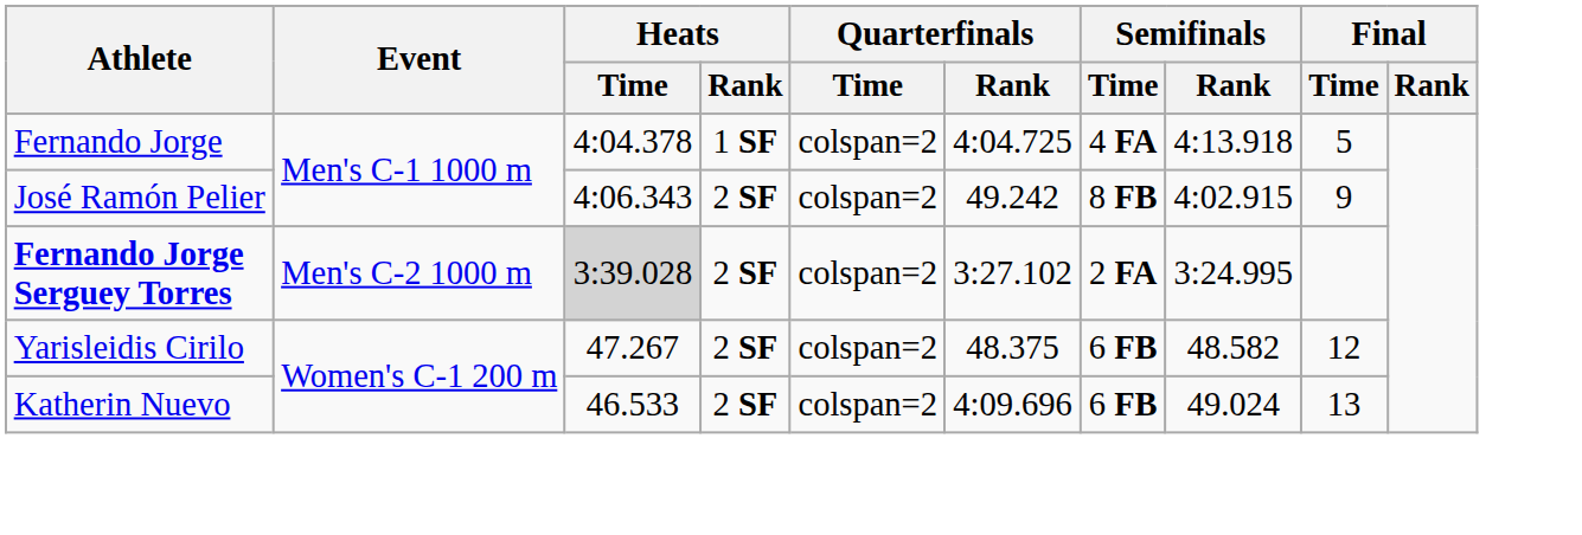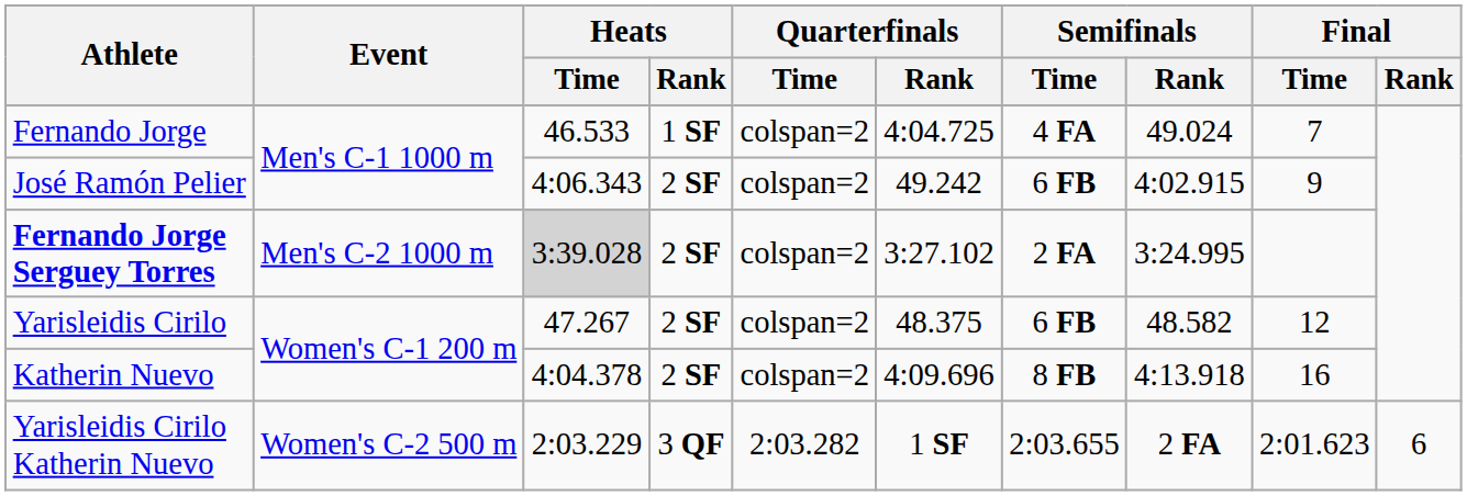 <table class=wikitable style="font-size:90%">
 <tr>
 <th rowspan="2">Athlete</th>
 <th rowspan="2">Event</th>
 <th colspan=2>Heats</th>
 <th colspan=2>Quarterfinals</th>
 <th colspan=2>Semifinals</th>
 <th colspan=2>Final</th>
 </tr>
 <tr style="font-size:95%">
 <th>Time</th>
 <th>Rank</th>
 <th>Time</th>
 <th>Rank</th>
 <th>Time</th>
 <th>Rank</th>
 <th>Time</th>
 <th>Rank</th>
 </tr>
 <tr align=center>
 <td align=left><a href='#'>Fernando Jorge</a></td>
 <td align=left rowspan=2><a href='#'>Men's C-1 1000 m</a></td>
-<td>4:04.378</td>
+<td>46.533</td>
 <td>1 <strong>SF</strong></td>
 <td>colspan=2 </td>
 <td>4:04.725</td>
 <td>4 <strong>FA</strong></td>
-<td>4:13.918</td>
-<td>5</td>
+<td>49.024</td>
+<td>7</td>
 </tr>
 <tr align=center>
 <td align=left><a href='#'>José Ramón Pelier</a></td>
 <td>4:06.343</td>
 <td>2 <strong>SF</strong></td>
 <td>colspan=2 </td>
 <td>49.242</td>
-<td>8 <strong>FB</strong></td>
+<td>6 <strong>FB</strong></td>
 <td>4:02.915</td>
 <td>9</td>
 </tr>
 <tr align=center>
 <td align=left><strong><a href='#'>Fernando Jorge</a><br><a href='#'>Serguey Torres</a></strong></td>
 <td align=left><a href='#'>Men's C-2 1000 m</a></td>
 <td style="background: lightgrey;">3:39.028</td>
 <td>2 <strong>SF</strong></td>
 <td>colspan=2 </td>
 <td>3:27.102</td>
 <td>2 <strong>FA</strong></td>
 <td>3:24.995</td>
 <td></td>
 </tr>
 <tr align=center>
 <td align=left><a href='#'>Yarisleidis Cirilo</a></td>
 <td align=left rowspan=2><a href='#'>Women's C-1 200 m</a></td>
 <td>47.267</td>
 <td>2 <strong>SF</strong></td>
 <td>colspan=2 </td>
 <td>48.375</td>
 <td>6 <strong>FB</strong></td>
 <td>48.582</td>
 <td>12</td>
 </tr>
 <tr align=center>
 <td align=left><a href='#'>Katherin Nuevo</a></td>
-<td>46.533</td>
+<td>4:04.378</td>
 <td>2 <strong>SF</strong></td>
 <td>colspan=2 </td>
 <td>4:09.696</td>
-<td>6 <strong>FB</strong></td>
-<td>49.024</td>
-<td>13</td>
+<td>8 <strong>FB</strong></td>
+<td>4:13.918</td>
+<td>16</td>
+</tr>
+<tr align=center>
+<td align=left><a href='#'>Yarisleidis Cirilo</a><br><a href='#'>Katherin Nuevo</a></td>
+<td align="left"><a href='#'>Women's C-2 500 m</a></td>
+<td>2:03.229</td>
+<td>3 <strong>QF</strong></td>
+<td>2:03.282</td>
+<td>1 <strong>SF</strong></td>
+<td>2:03.655</td>
+<td>2 <strong>FA</strong></td>
+<td>2:01.623</td>
+<td>6</td>
 </tr>
 </table>
